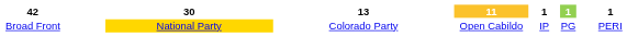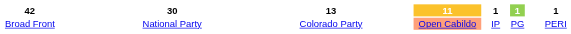 <table style="width:66em; text-align:center; font-size:88%">
 <tr style="font-weight:bold">
 <td style="background:">42</td>
 <td style="background:">30</td>
 <td style="background:">13</td>
 <td style="background:#FBC22B; width:11.11%; color:white">11</td>
 <td style="background:">1</td>
 <td style="background:#92D050; width:1.01%; color:white">1</td>
 <td style="background:">1</td>
 </tr>
 <tr>
 <td><a href='#'>Broad Front</a></td>
-<td style="background: gold;"><a href='#'>National Party</a></td>
+<td><a href='#'>National Party</a></td>
 <td><a href='#'>Colorado Party</a></td>
-<td><a href='#'>Open Cabildo</a></td>
+<td style="background: lightsalmon;"><a href='#'>Open Cabildo</a></td>
 <td><a href='#'>IP</a></td>
 <td><a href='#'>PG</a></td>
 <td><a href='#'>PERI</a></td>
 </tr>
 </table>
